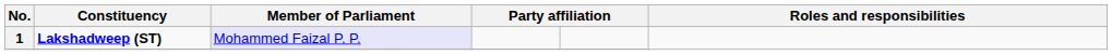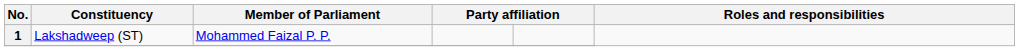 <table class="wikitable">
 <tr style="text-align:center;">
 <th>No.</th>
 <th style="width:12em">Constituency</th>
 <th style="width:18em">Member of Parliament</th>
 <th colspan="2" style="width:18em">Party affiliation</th>
 <th style="width:32em">Roles and responsibilities</th>
 </tr>
 <tr>
 <th>1</th>
-<td><strong><a href='#'>Lakshadweep</a> (ST)</strong></td>
-<td style="background: lavender;"><a href='#'>Mohammed Faizal P. P.</a></td>
+<td><a href='#'>Lakshadweep</a> (ST)</td>
+<td><a href='#'>Mohammed Faizal P. P.</a></td>
 <td></td>
 <td></td>
 </tr>
 <tr>
 </tr>
 </table>
